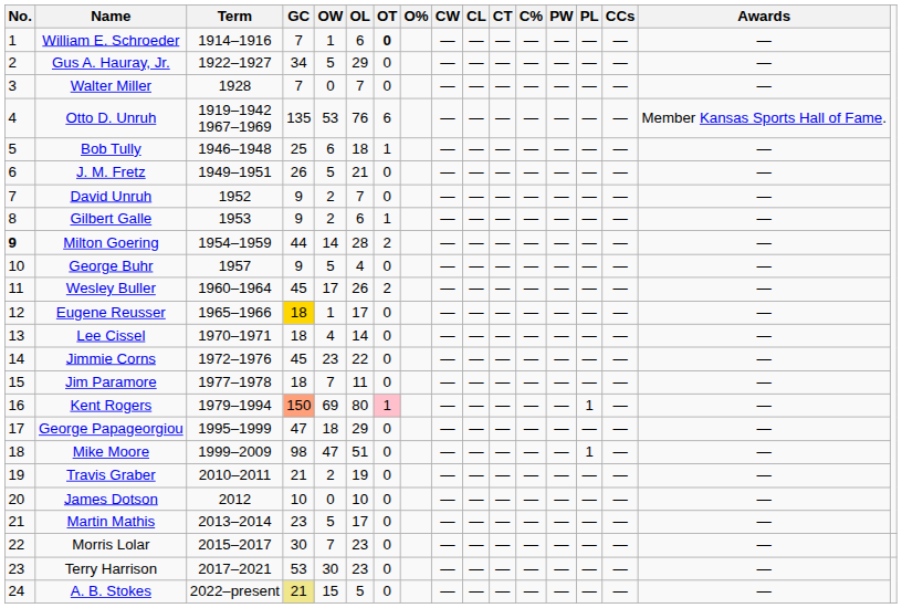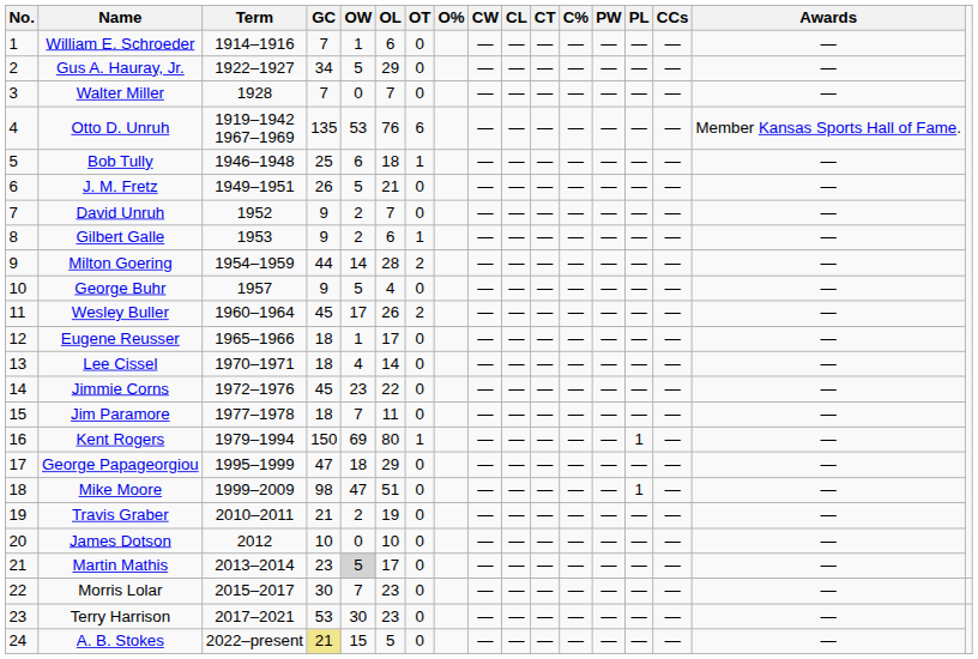 <table class="wikitable sortable">
 <tr>
 <th>No.</th>
 <th>Name</th>
 <th>Term</th>
 <th>GC</th>
 <th>OW</th>
 <th>OL</th>
 <th>OT</th>
 <th>O%</th>
 <th>CW</th>
 <th>CL</th>
 <th>CT</th>
 <th>C%</th>
 <th>PW</th>
 <th>PL</th>
 <th>CCs</th>
 <th class="unsortable">Awards</th>
 </tr>
 <tr>
 <td>1</td>
 <td align="center"><a href='#'>William E. Schroeder</a></td>
 <td align="center">1914–1916</td>
 <td align="center">7</td>
 <td align="center">1</td>
 <td align="center">6</td>
-<td align="center"><strong>0</strong></td>
+<td align="center">0</td>
 <td align="center"></td>
 <td align="center">—</td>
 <td align="center">—</td>
 <td align="center">—</td>
 <td align="center">—</td>
 <td align="center">—</td>
 <td align="center">—</td>
 <td align="center">—</td>
 <td align="center">—</td>
 </tr>
 <tr>
 <td>2</td>
 <td align="center"><a href='#'>Gus A. Hauray, Jr.</a></td>
 <td align="center">1922–1927</td>
 <td align="center">34</td>
 <td align="center">5</td>
 <td align="center">29</td>
 <td align="center">0</td>
 <td align="center"></td>
 <td align="center">—</td>
 <td align="center">—</td>
 <td align="center">—</td>
 <td align="center">—</td>
 <td align="center">—</td>
 <td align="center">—</td>
 <td align="center">—</td>
 <td align="center">—</td>
 </tr>
 <tr>
 <td>3</td>
 <td align="center"><a href='#'>Walter Miller</a></td>
 <td align="center">1928</td>
 <td align="center">7</td>
 <td align="center">0</td>
 <td align="center">7</td>
 <td align="center">0</td>
 <td align="center"></td>
 <td align="center">—</td>
 <td align="center">—</td>
 <td align="center">—</td>
 <td align="center">—</td>
 <td align="center">—</td>
 <td align="center">—</td>
 <td align="center">—</td>
 <td align="center">—</td>
 </tr>
 <tr>
 <td>4</td>
 <td align="center"><a href='#'>Otto D. Unruh</a></td>
 <td align="center">1919–1942<br>1967–1969</td>
 <td align="center">135</td>
 <td align="center">53</td>
 <td align="center">76</td>
 <td align="center">6</td>
 <td align="center"></td>
 <td align="center">—</td>
 <td align="center">—</td>
 <td align="center">—</td>
 <td align="center">—</td>
 <td align="center">—</td>
 <td align="center">—</td>
 <td align="center">—</td>
 <td align="center">Member <a href='#'>Kansas Sports Hall of Fame</a>.</td>
 </tr>
 <tr>
 <td>5</td>
 <td align="center"><a href='#'>Bob Tully</a></td>
 <td align="center">1946–1948</td>
 <td align="center">25</td>
 <td align="center">6</td>
 <td align="center">18</td>
 <td align="center">1</td>
 <td align="center"></td>
 <td align="center">—</td>
 <td align="center">—</td>
 <td align="center">—</td>
 <td align="center">—</td>
 <td align="center">—</td>
 <td align="center">—</td>
 <td align="center">—</td>
 <td align="center">—</td>
 </tr>
 <tr>
 <td>6</td>
 <td align="center"><a href='#'>J. M. Fretz</a></td>
 <td align="center">1949–1951</td>
 <td align="center">26</td>
 <td align="center">5</td>
 <td align="center">21</td>
 <td align="center">0</td>
 <td align="center"></td>
 <td align="center">—</td>
 <td align="center">—</td>
 <td align="center">—</td>
 <td align="center">—</td>
 <td align="center">—</td>
 <td align="center">—</td>
 <td align="center">—</td>
 <td align="center">—</td>
 </tr>
 <tr>
 <td>7</td>
 <td align="center"><a href='#'>David Unruh</a></td>
 <td align="center">1952</td>
 <td align="center">9</td>
 <td align="center">2</td>
 <td align="center">7</td>
 <td align="center">0</td>
 <td align="center"></td>
 <td align="center">—</td>
 <td align="center">—</td>
 <td align="center">—</td>
 <td align="center">—</td>
 <td align="center">—</td>
 <td align="center">—</td>
 <td align="center">—</td>
 <td align="center">—</td>
 </tr>
 <tr>
 <td>8</td>
 <td align="center"><a href='#'>Gilbert Galle</a></td>
 <td align="center">1953</td>
 <td align="center">9</td>
 <td align="center">2</td>
 <td align="center">6</td>
 <td align="center">1</td>
 <td align="center"></td>
 <td align="center">—</td>
 <td align="center">—</td>
 <td align="center">—</td>
 <td align="center">—</td>
 <td align="center">—</td>
 <td align="center">—</td>
 <td align="center">—</td>
 <td align="center">—</td>
 </tr>
 <tr>
-<td><strong>9</strong></td>
+<td>9</td>
 <td align="center"><a href='#'>Milton Goering</a></td>
 <td align="center">1954–1959</td>
 <td align="center">44</td>
 <td align="center">14</td>
 <td align="center">28</td>
 <td align="center">2</td>
 <td align="center"></td>
 <td align="center">—</td>
 <td align="center">—</td>
 <td align="center">—</td>
 <td align="center">—</td>
 <td align="center">—</td>
 <td align="center">—</td>
 <td align="center">—</td>
 <td align="center">—</td>
 </tr>
 <tr>
 <td>10</td>
 <td align="center"><a href='#'>George Buhr</a></td>
 <td align="center">1957</td>
 <td align="center">9</td>
 <td align="center">5</td>
 <td align="center">4</td>
 <td align="center">0</td>
 <td align="center"></td>
 <td align="center">—</td>
 <td align="center">—</td>
 <td align="center">—</td>
 <td align="center">—</td>
 <td align="center">—</td>
 <td align="center">—</td>
 <td align="center">—</td>
 <td align="center">—</td>
 </tr>
 <tr>
 <td>11</td>
 <td align="center"><a href='#'>Wesley Buller</a></td>
 <td align="center">1960–1964</td>
 <td align="center">45</td>
 <td align="center">17</td>
 <td align="center">26</td>
 <td align="center">2</td>
 <td align="center"></td>
 <td align="center">—</td>
 <td align="center">—</td>
 <td align="center">—</td>
 <td align="center">—</td>
 <td align="center">—</td>
 <td align="center">—</td>
 <td align="center">—</td>
 <td align="center">—</td>
 </tr>
 <tr>
 <td>12</td>
 <td align="center"><a href='#'>Eugene Reusser</a></td>
 <td align="center">1965–1966</td>
-<td align="center" style="background: gold;">18</td>
+<td align="center">18</td>
 <td align="center">1</td>
 <td align="center">17</td>
 <td align="center">0</td>
 <td align="center"></td>
 <td align="center">—</td>
 <td align="center">—</td>
 <td align="center">—</td>
 <td align="center">—</td>
 <td align="center">—</td>
 <td align="center">—</td>
 <td align="center">—</td>
 <td align="center">—</td>
 </tr>
 <tr>
 <td>13</td>
 <td align="center"><a href='#'>Lee Cissel</a></td>
 <td align="center">1970–1971</td>
 <td align="center">18</td>
 <td align="center">4</td>
 <td align="center">14</td>
 <td align="center">0</td>
 <td align="center"></td>
 <td align="center">—</td>
 <td align="center">—</td>
 <td align="center">—</td>
 <td align="center">—</td>
 <td align="center">—</td>
 <td align="center">—</td>
 <td align="center">—</td>
 <td align="center">—</td>
 </tr>
 <tr>
 <td>14</td>
 <td align="center"><a href='#'>Jimmie Corns</a></td>
 <td align="center">1972–1976</td>
 <td align="center">45</td>
 <td align="center">23</td>
 <td align="center">22</td>
 <td align="center">0</td>
 <td align="center"></td>
 <td align="center">—</td>
 <td align="center">—</td>
 <td align="center">—</td>
 <td align="center">—</td>
 <td align="center">—</td>
 <td align="center">—</td>
 <td align="center">—</td>
 <td align="center">—</td>
 </tr>
 <tr>
 <td>15</td>
 <td align="center"><a href='#'>Jim Paramore</a></td>
 <td align="center">1977–1978</td>
 <td align="center">18</td>
 <td align="center">7</td>
 <td align="center">11</td>
 <td align="center">0</td>
 <td align="center"></td>
 <td align="center">—</td>
 <td align="center">—</td>
 <td align="center">—</td>
 <td align="center">—</td>
 <td align="center">—</td>
 <td align="center">—</td>
 <td align="center">—</td>
 <td align="center">—</td>
 </tr>
 <tr>
 <td>16</td>
 <td align="center"><a href='#'>Kent Rogers</a></td>
 <td align="center">1979–1994</td>
-<td align="center" style="background: lightsalmon;">150</td>
+<td align="center">150</td>
 <td align="center">69</td>
 <td align="center">80</td>
-<td align="center" style="background: pink;">1</td>
+<td align="center">1</td>
 <td align="center"></td>
 <td align="center">—</td>
 <td align="center">—</td>
 <td align="center">—</td>
 <td align="center">—</td>
 <td align="center">—</td>
 <td align="center">1</td>
 <td align="center">—</td>
 <td align="center">—</td>
 </tr>
 <tr>
 <td>17</td>
 <td align="center"><a href='#'>George Papageorgiou</a></td>
 <td align="center">1995–1999</td>
 <td align="center">47</td>
 <td align="center">18</td>
 <td align="center">29</td>
 <td align="center">0</td>
 <td align="center"></td>
 <td align="center">—</td>
 <td align="center">—</td>
 <td align="center">—</td>
 <td align="center">—</td>
 <td align="center">—</td>
 <td align="center">—</td>
 <td align="center">—</td>
 <td align="center">—</td>
 </tr>
 <tr>
 <td>18</td>
 <td align="center"><a href='#'>Mike Moore</a></td>
 <td align="center">1999–2009</td>
 <td align="center">98</td>
 <td align="center">47</td>
 <td align="center">51</td>
 <td align="center">0</td>
 <td align="center"></td>
 <td align="center">—</td>
 <td align="center">—</td>
 <td align="center">—</td>
 <td align="center">—</td>
 <td align="center">—</td>
 <td align="center">1</td>
 <td align="center">—</td>
 <td align="center">—</td>
 </tr>
 <tr>
 <td>19</td>
 <td align="center"><a href='#'>Travis Graber</a></td>
 <td align="center">2010–2011</td>
 <td align="center">21</td>
 <td align="center">2</td>
 <td align="center">19</td>
 <td align="center">0</td>
 <td align="center"></td>
 <td align="center">—</td>
 <td align="center">—</td>
 <td align="center">—</td>
 <td align="center">—</td>
 <td align="center">—</td>
 <td align="center">—</td>
 <td align="center">—</td>
 <td align="center">—</td>
 </tr>
 <tr>
 <td>20</td>
 <td align="center"><a href='#'>James Dotson</a></td>
 <td align="center">2012</td>
 <td align="center">10</td>
 <td align="center">0</td>
 <td align="center">10</td>
 <td align="center">0</td>
 <td align="center"></td>
 <td align="center">—</td>
 <td align="center">—</td>
 <td align="center">—</td>
 <td align="center">—</td>
 <td align="center">—</td>
 <td align="center">—</td>
 <td align="center">—</td>
 <td align="center">—</td>
 </tr>
 <tr>
 <td>21</td>
 <td align="center"><a href='#'>Martin Mathis</a></td>
 <td align="center">2013–2014</td>
 <td align="center">23</td>
-<td align="center">5</td>
+<td align="center" style="background: lightgrey;">5</td>
 <td align="center">17</td>
 <td align="center">0</td>
 <td align="center"></td>
 <td align="center">—</td>
 <td align="center">—</td>
 <td align="center">—</td>
 <td align="center">—</td>
 <td align="center">—</td>
 <td align="center">—</td>
 <td align="center">—</td>
 <td align="center">—</td>
 </tr>
 <tr>
 <td>22</td>
 <td align="center">Morris Lolar</td>
 <td align="center">2015–2017</td>
 <td align="center">30</td>
 <td align="center">7</td>
 <td align="center">23</td>
 <td align="center">0</td>
 <td align="center"></td>
 <td align="center">—</td>
 <td align="center">—</td>
 <td align="center">—</td>
 <td align="center">—</td>
 <td align="center">—</td>
 <td align="center">—</td>
 <td align="center">—</td>
 <td align="center">—</td>
 <td></td>
 </tr>
 <tr>
 <td>23</td>
 <td align="center">Terry Harrison</td>
 <td align="center">2017–2021</td>
 <td align="center">53</td>
 <td align="center">30</td>
 <td align="center">23</td>
 <td align="center">0</td>
 <td align="center"></td>
 <td align="center">—</td>
 <td align="center">—</td>
 <td align="center">—</td>
 <td align="center">—</td>
 <td align="center">—</td>
 <td align="center">—</td>
 <td align="center">—</td>
 <td align="center">—</td>
 </tr>
 <tr>
 <td>24</td>
 <td align="center"><a href='#'>A. B. Stokes</a></td>
 <td align="center">2022–present</td>
 <td align="center" style="background: khaki;">21</td>
 <td align="center">15</td>
 <td align="center">5</td>
 <td align="center">0</td>
 <td align="center"></td>
 <td align="center">—</td>
 <td align="center">—</td>
 <td align="center">—</td>
 <td align="center">—</td>
 <td align="center">—</td>
 <td align="center">—</td>
 <td align="center">—</td>
 <td align="center">—</td>
 </tr>
 </table>
